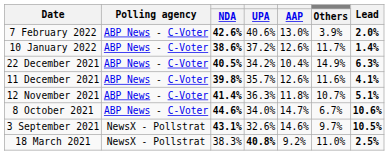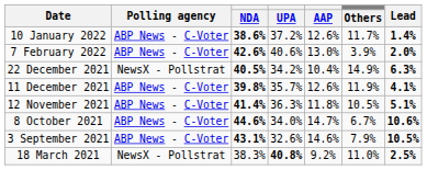 <table class="wikitable sortable" style="text-align:center";font-size:95%;>
 <tr>
 <th rowspan="2">Date</th>
 <th rowspan="2">Polling agency</th>
 <th style="background:"></th>
 <th style="background:"></th>
 <th style="text-align:center; background:"></th>
 <th style="background:gray;"></th>
 <th rowspan="2">Lead</th>
 </tr>
 <tr>
 <th><a href='#'>NDA</a></th>
 <th><a href='#'>UPA</a></th>
 <th><a href='#'>AAP</a></th>
 <th>Others</th>
 </tr>
 <tr>
+<td>10 January 2022</td>
+<td><a href='#'>ABP News</a> - <a href='#'>C-Voter</a></td>
+<td style="background:"><strong>38.6%</strong></td>
+<td>37.2%</td>
+<td>12.6%</td>
+<td>11.7%</td>
+<td style="background:"><strong>1.4%</strong></td>
+</tr>
+<tr>
 <td>7 February 2022</td>
 <td><a href='#'>ABP News</a> - <a href='#'>C-Voter</a></td>
 <td style="background:"><strong>42.6%</strong></td>
 <td>40.6%</td>
 <td>13.0%</td>
 <td>3.9%</td>
 <td style="background:"><strong>2.0%</strong></td>
 </tr>
 <tr>
-<td>10 January 2022</td>
-<td><a href='#'>ABP News</a> - <a href='#'>C-Voter</a></td>
-<td style="background:"><strong>38.6%</strong></td>
-<td>37.2%</td>
-<td>12.6%</td>
-<td>11.7%</td>
-<td style="background:"><strong>1.4%</strong></td>
-</tr>
-<tr>
 <td>22 December 2021</td>
-<td><a href='#'>ABP News</a> - <a href='#'>C-Voter</a></td>
+<td>NewsX - Pollstrat</td>
 <td style="background:"><strong>40.5%</strong></td>
 <td>34.2%</td>
 <td>10.4%</td>
 <td>14.9%</td>
 <td style="background:"><strong>6.3%</strong></td>
 </tr>
 <tr>
 <td>11 December 2021</td>
 <td><a href='#'>ABP News</a> - <a href='#'>C-Voter</a></td>
 <td style="background:"><strong>39.8%</strong></td>
 <td>35.7%</td>
 <td>12.6%</td>
-<td>11.6%</td>
+<td>11.9%</td>
 <td style="background:"><strong>4.1%</strong></td>
 </tr>
 <tr>
 <td>12 November 2021</td>
 <td><a href='#'>ABP News</a> - <a href='#'>C-Voter</a></td>
 <td style="background:"><strong>41.4%</strong></td>
 <td>36.3%</td>
 <td>11.8%</td>
-<td>10.7%</td>
+<td>10.5%</td>
 <td style="background:"><strong>5.1%</strong></td>
 </tr>
 <tr>
 <td>8 October 2021</td>
 <td><a href='#'>ABP News</a> - <a href='#'>C-Voter</a></td>
 <td style="background:"><strong>44.6%</strong></td>
 <td>34.0%</td>
 <td>14.7%</td>
 <td>6.7%</td>
 <td style="background:"><strong>10.6%</strong></td>
 </tr>
 <tr>
 <td>3 September 2021</td>
-<td>NewsX - Pollstrat</td>
+<td><a href='#'>ABP News</a> - <a href='#'>C-Voter</a></td>
 <td style="background:"><strong>43.1%</strong></td>
 <td>32.6%</td>
 <td>14.6%</td>
-<td>9.7%</td>
+<td>7.9%</td>
 <td style="background:"><strong>10.5%</strong></td>
 </tr>
 <tr>
 <td>18 March 2021</td>
 <td>NewsX - Pollstrat</td>
 <td>38.3%</td>
 <td style="background:"><strong>40.8%</strong></td>
 <td>9.2%</td>
 <td>11.0%</td>
 <td style="background:"><strong>2.5%</strong></td>
 </tr>
 </table>
